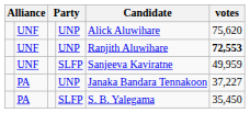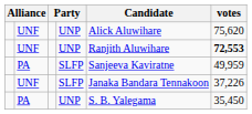 <table class="wikitable sortable mw-collapsible">
 <tr>
 <th colspan="2">Alliance</th>
 <th colspan="2">Party</th>
 <th>Candidate</th>
 <th>votes</th>
 </tr>
 <tr>
 <td bgcolor=> </td>
 <td align=left><a href='#'>UNF</a></td>
 <td bgcolor=> </td>
 <td align=left><a href='#'>UNP</a></td>
 <td><a href='#'>Alick Aluwihare</a></td>
 <td>75,620</td>
 </tr>
 <tr>
 <td bgcolor=> </td>
 <td align=left><a href='#'>UNF</a></td>
 <td bgcolor=> </td>
 <td align=left><a href='#'>UNP</a></td>
 <td><a href='#'>Ranjith Aluwihare</a></td>
 <td><strong>72,553</strong></td>
 </tr>
 <tr>
 <td bgcolor=> </td>
-<td align=left><a href='#'>UNF</a></td>
+<td align=left><a href='#'>PA</a></td>
 <td bgcolor=> </td>
 <td align=left><a href='#'>SLFP</a></td>
 <td><a href='#'>Sanjeeva Kaviratne</a></td>
 <td>49,959</td>
 </tr>
 <tr>
 <td bgcolor=> </td>
-<td align=left><a href='#'>PA</a></td>
+<td align=left><a href='#'>UNF</a></td>
 <td bgcolor=> </td>
-<td align=left><a href='#'>UNP</a></td>
+<td align=left><a href='#'>SLFP</a></td>
 <td><a href='#'>Janaka Bandara Tennakoon</a></td>
-<td>37,227</td>
+<td>37,226</td>
 </tr>
 <tr>
 <td bgcolor=> </td>
 <td align=left><a href='#'>PA</a></td>
 <td bgcolor=> </td>
-<td align=left><a href='#'>SLFP</a></td>
+<td align=left><a href='#'>UNP</a></td>
 <td><a href='#'>S. B. Yalegama</a></td>
 <td>35,450</td>
 </tr>
 </table>
